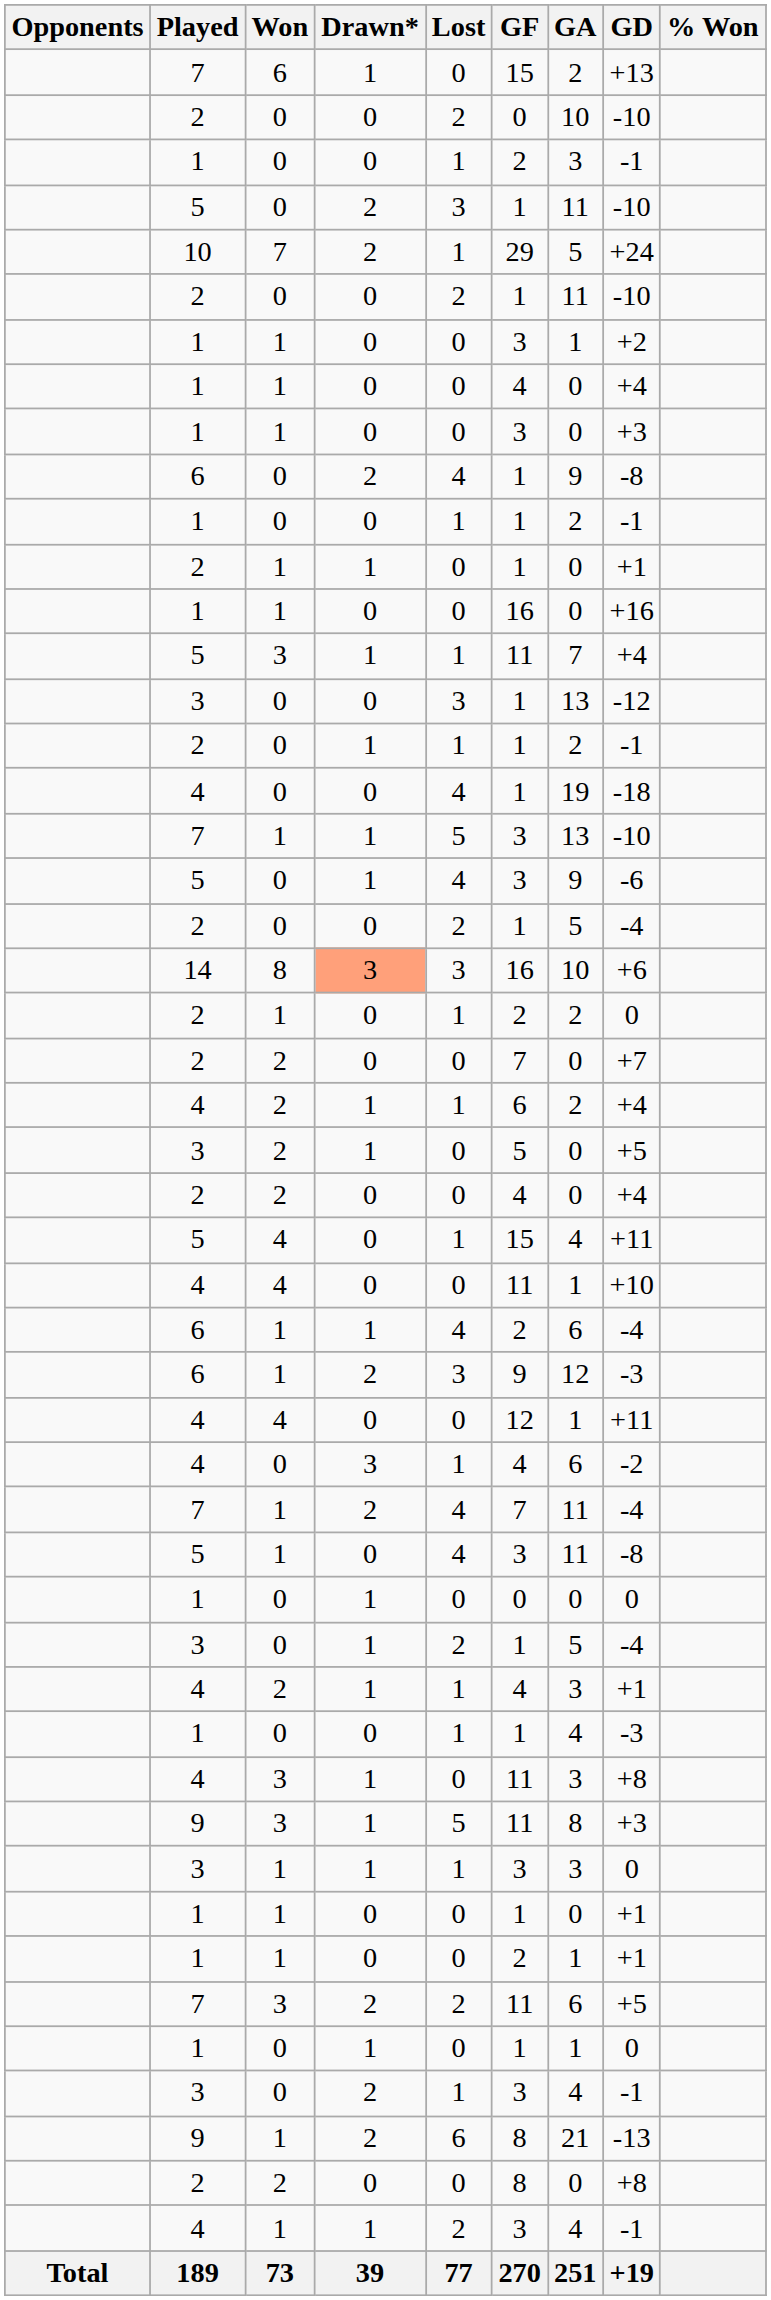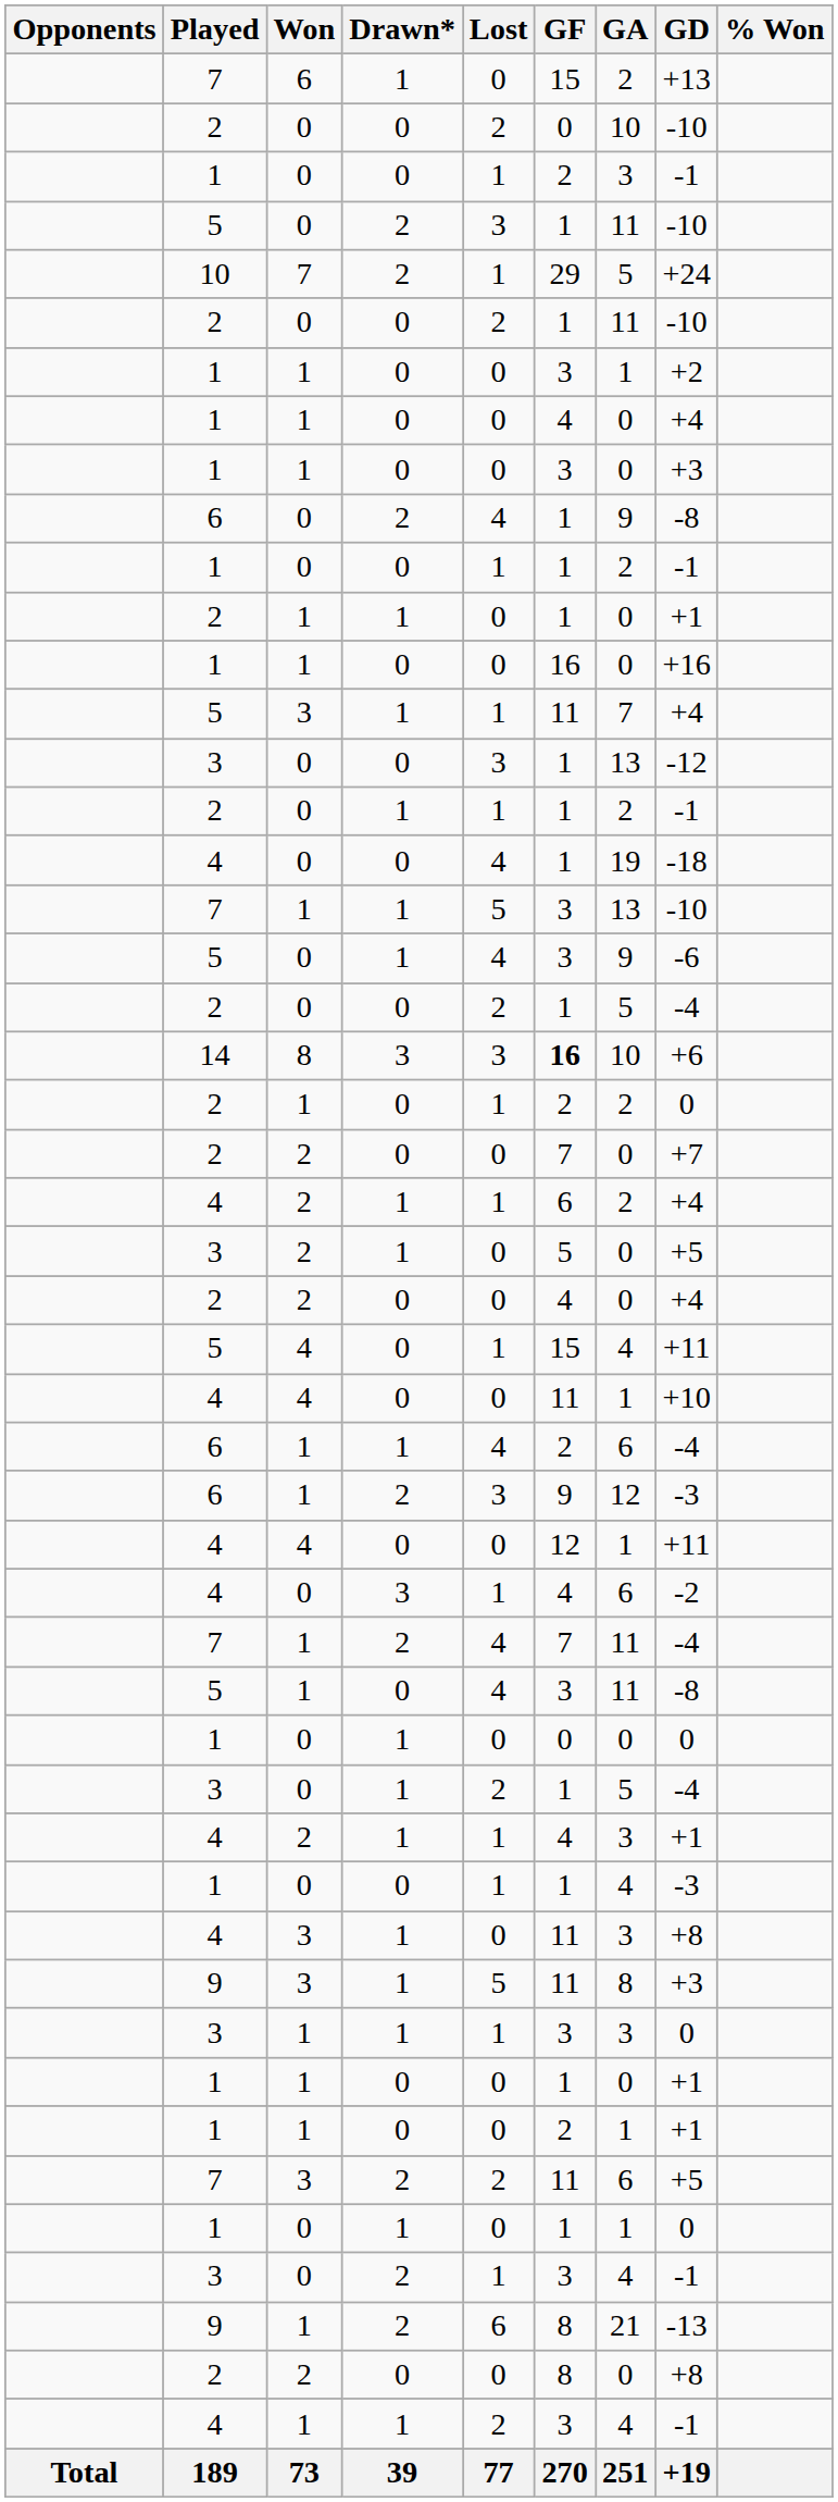 <table class="sortable wikitable" style="text-align:center">
 <tr>
 <th>Opponents</th>
 <th>Played</th>
 <th>Won</th>
 <th>Drawn*</th>
 <th>Lost</th>
 <th>GF</th>
 <th>GA</th>
 <th>GD</th>
 <th>% Won</th>
 </tr>
 <tr>
 <td style="text-align:left;"></td>
 <td>7</td>
 <td>6</td>
 <td>1</td>
 <td>0</td>
 <td>15</td>
 <td>2</td>
 <td>+13</td>
 <td></td>
 </tr>
 <tr>
 <td style="text-align:left;"></td>
 <td>2</td>
 <td>0</td>
 <td>0</td>
 <td>2</td>
 <td>0</td>
 <td>10</td>
 <td>-10</td>
 <td></td>
 </tr>
 <tr>
 <td style="text-align:left;"></td>
 <td>1</td>
 <td>0</td>
 <td>0</td>
 <td>1</td>
 <td>2</td>
 <td>3</td>
 <td>-1</td>
 <td></td>
 </tr>
 <tr>
 <td style="text-align:left;"></td>
 <td>5</td>
 <td>0</td>
 <td>2</td>
 <td>3</td>
 <td>1</td>
 <td>11</td>
 <td>-10</td>
 <td></td>
 </tr>
 <tr>
 <td style="text-align:left;"></td>
 <td>10</td>
 <td>7</td>
 <td>2</td>
 <td>1</td>
 <td>29</td>
 <td>5</td>
 <td>+24</td>
 <td></td>
 </tr>
 <tr>
 <td style="text-align:left;"></td>
 <td>2</td>
 <td>0</td>
 <td>0</td>
 <td>2</td>
 <td>1</td>
 <td>11</td>
 <td>-10</td>
 <td></td>
 </tr>
 <tr>
 <td style="text-align:left;"></td>
 <td>1</td>
 <td>1</td>
 <td>0</td>
 <td>0</td>
 <td>3</td>
 <td>1</td>
 <td>+2</td>
 <td></td>
 </tr>
 <tr>
 <td style="text-align:left;"></td>
 <td>1</td>
 <td>1</td>
 <td>0</td>
 <td>0</td>
 <td>4</td>
 <td>0</td>
 <td>+4</td>
 <td></td>
 </tr>
 <tr>
 <td style="text-align:left;"></td>
 <td>1</td>
 <td>1</td>
 <td>0</td>
 <td>0</td>
 <td>3</td>
 <td>0</td>
 <td>+3</td>
 <td></td>
 </tr>
 <tr>
 <td style="text-align:left;"></td>
 <td>6</td>
 <td>0</td>
 <td>2</td>
 <td>4</td>
 <td>1</td>
 <td>9</td>
 <td>-8</td>
 <td></td>
 </tr>
 <tr>
 <td style="text-align:left;"></td>
 <td>1</td>
 <td>0</td>
 <td>0</td>
 <td>1</td>
 <td>1</td>
 <td>2</td>
 <td>-1</td>
 <td></td>
 </tr>
 <tr>
 <td style="text-align:left;"></td>
 <td>2</td>
 <td>1</td>
 <td>1</td>
 <td>0</td>
 <td>1</td>
 <td>0</td>
 <td>+1</td>
 <td></td>
 </tr>
 <tr>
 <td style="text-align:left;"></td>
 <td>1</td>
 <td>1</td>
 <td>0</td>
 <td>0</td>
 <td>16</td>
 <td>0</td>
 <td>+16</td>
 <td></td>
 </tr>
 <tr>
 <td style="text-align:left;"></td>
 <td>5</td>
 <td>3</td>
 <td>1</td>
 <td>1</td>
 <td>11</td>
 <td>7</td>
 <td>+4</td>
 <td></td>
 </tr>
 <tr>
 <td style="text-align:left;"></td>
 <td>3</td>
 <td>0</td>
 <td>0</td>
 <td>3</td>
 <td>1</td>
 <td>13</td>
 <td>-12</td>
 <td></td>
 </tr>
 <tr>
 <td style="text-align:left;"></td>
 <td>2</td>
 <td>0</td>
 <td>1</td>
 <td>1</td>
 <td>1</td>
 <td>2</td>
 <td>-1</td>
 <td></td>
 </tr>
 <tr>
 <td style="text-align:left;"></td>
 <td>4</td>
 <td>0</td>
 <td>0</td>
 <td>4</td>
 <td>1</td>
 <td>19</td>
 <td>-18</td>
 <td></td>
 </tr>
 <tr>
 <td style="text-align:left;"></td>
 <td>7</td>
 <td>1</td>
 <td>1</td>
 <td>5</td>
 <td>3</td>
 <td>13</td>
 <td>-10</td>
 <td></td>
 </tr>
 <tr>
 <td style="text-align:left;"></td>
 <td>5</td>
 <td>0</td>
 <td>1</td>
 <td>4</td>
 <td>3</td>
 <td>9</td>
 <td>-6</td>
 <td></td>
 </tr>
 <tr>
 <td style="text-align:left;"></td>
 <td>2</td>
 <td>0</td>
 <td>0</td>
 <td>2</td>
 <td>1</td>
 <td>5</td>
 <td>-4</td>
 <td></td>
 </tr>
 <tr>
 <td style="text-align:left;"></td>
 <td>14</td>
 <td>8</td>
-<td style="background: lightsalmon;">3</td>
 <td>3</td>
-<td>16</td>
+<td>3</td>
+<td><strong>16</strong></td>
 <td>10</td>
 <td>+6</td>
 <td></td>
 </tr>
 <tr>
 <td style="text-align:left;"></td>
 <td>2</td>
 <td>1</td>
 <td>0</td>
 <td>1</td>
 <td>2</td>
 <td>2</td>
 <td>0</td>
 <td></td>
 </tr>
 <tr>
 <td style="text-align:left;"></td>
 <td>2</td>
 <td>2</td>
 <td>0</td>
 <td>0</td>
 <td>7</td>
 <td>0</td>
 <td>+7</td>
 <td></td>
 </tr>
 <tr>
 <td style="text-align:left;"></td>
 <td>4</td>
 <td>2</td>
 <td>1</td>
 <td>1</td>
 <td>6</td>
 <td>2</td>
 <td>+4</td>
 <td></td>
 </tr>
 <tr>
 <td style="text-align:left;"></td>
 <td>3</td>
 <td>2</td>
 <td>1</td>
 <td>0</td>
 <td>5</td>
 <td>0</td>
 <td>+5</td>
 <td></td>
 </tr>
 <tr>
 <td style="text-align:left;"></td>
 <td>2</td>
 <td>2</td>
 <td>0</td>
 <td>0</td>
 <td>4</td>
 <td>0</td>
 <td>+4</td>
 <td></td>
 </tr>
 <tr>
 <td style="text-align:left;"></td>
 <td>5</td>
 <td>4</td>
 <td>0</td>
 <td>1</td>
 <td>15</td>
 <td>4</td>
 <td>+11</td>
 <td></td>
 </tr>
 <tr>
 <td style="text-align:left;"></td>
 <td>4</td>
 <td>4</td>
 <td>0</td>
 <td>0</td>
 <td>11</td>
 <td>1</td>
 <td>+10</td>
 <td></td>
 </tr>
 <tr>
 <td style="text-align:left;"></td>
 <td>6</td>
 <td>1</td>
 <td>1</td>
 <td>4</td>
 <td>2</td>
 <td>6</td>
 <td>-4</td>
 <td></td>
 </tr>
 <tr>
 <td style="text-align:left;"></td>
 <td>6</td>
 <td>1</td>
 <td>2</td>
 <td>3</td>
 <td>9</td>
 <td>12</td>
 <td>-3</td>
 <td></td>
 </tr>
 <tr>
 <td style="text-align:left;"></td>
 <td>4</td>
 <td>4</td>
 <td>0</td>
 <td>0</td>
 <td>12</td>
 <td>1</td>
 <td>+11</td>
 <td></td>
 </tr>
 <tr>
 <td style="text-align:left;"></td>
 <td>4</td>
 <td>0</td>
 <td>3</td>
 <td>1</td>
 <td>4</td>
 <td>6</td>
 <td>-2</td>
 <td></td>
 </tr>
 <tr>
 <td style="text-align:left;"></td>
 <td>7</td>
 <td>1</td>
 <td>2</td>
 <td>4</td>
 <td>7</td>
 <td>11</td>
 <td>-4</td>
 <td></td>
 </tr>
 <tr>
 <td style="text-align:left;"></td>
 <td>5</td>
 <td>1</td>
 <td>0</td>
 <td>4</td>
 <td>3</td>
 <td>11</td>
 <td>-8</td>
 <td></td>
 </tr>
 <tr>
 <td style="text-align:left;"></td>
 <td>1</td>
 <td>0</td>
 <td>1</td>
 <td>0</td>
 <td>0</td>
 <td>0</td>
 <td>0</td>
 <td></td>
 </tr>
 <tr>
 <td style="text-align:left;"></td>
 <td>3</td>
 <td>0</td>
 <td>1</td>
 <td>2</td>
 <td>1</td>
 <td>5</td>
 <td>-4</td>
 <td></td>
 </tr>
 <tr>
 <td style="text-align:left;"></td>
 <td>4</td>
 <td>2</td>
 <td>1</td>
 <td>1</td>
 <td>4</td>
 <td>3</td>
 <td>+1</td>
 <td></td>
 </tr>
 <tr>
 <td style="text-align:left;"></td>
 <td>1</td>
 <td>0</td>
 <td>0</td>
 <td>1</td>
 <td>1</td>
 <td>4</td>
 <td>-3</td>
 <td></td>
 </tr>
 <tr>
 <td style="text-align:left;"></td>
 <td>4</td>
 <td>3</td>
 <td>1</td>
 <td>0</td>
 <td>11</td>
 <td>3</td>
 <td>+8</td>
 <td></td>
 </tr>
 <tr>
 <td style="text-align:left;"></td>
 <td>9</td>
 <td>3</td>
 <td>1</td>
 <td>5</td>
 <td>11</td>
 <td>8</td>
 <td>+3</td>
 <td></td>
 </tr>
 <tr>
 <td style="text-align:left;"></td>
 <td>3</td>
 <td>1</td>
 <td>1</td>
 <td>1</td>
 <td>3</td>
 <td>3</td>
 <td>0</td>
 <td></td>
 </tr>
 <tr>
 <td style="text-align:left;"></td>
 <td>1</td>
 <td>1</td>
 <td>0</td>
 <td>0</td>
 <td>1</td>
 <td>0</td>
 <td>+1</td>
 <td></td>
 </tr>
 <tr>
 <td style="text-align:left;"></td>
 <td>1</td>
 <td>1</td>
 <td>0</td>
 <td>0</td>
 <td>2</td>
 <td>1</td>
 <td>+1</td>
 <td></td>
 </tr>
 <tr>
 <td style="text-align:left;"></td>
 <td>7</td>
 <td>3</td>
 <td>2</td>
 <td>2</td>
 <td>11</td>
 <td>6</td>
 <td>+5</td>
 <td></td>
 </tr>
 <tr>
 <td style="text-align:left;"></td>
 <td>1</td>
 <td>0</td>
 <td>1</td>
 <td>0</td>
 <td>1</td>
 <td>1</td>
 <td>0</td>
 <td></td>
 </tr>
 <tr>
 <td style="text-align:left;"></td>
 <td>3</td>
 <td>0</td>
 <td>2</td>
 <td>1</td>
 <td>3</td>
 <td>4</td>
 <td>-1</td>
 <td></td>
 </tr>
 <tr>
 <td style="text-align:left;"></td>
 <td>9</td>
 <td>1</td>
 <td>2</td>
 <td>6</td>
 <td>8</td>
 <td>21</td>
 <td>-13</td>
 <td></td>
 </tr>
 <tr>
 <td style="text-align:left;"></td>
 <td>2</td>
 <td>2</td>
 <td>0</td>
 <td>0</td>
 <td>8</td>
 <td>0</td>
 <td>+8</td>
 <td></td>
 </tr>
 <tr>
 <td style="text-align:left;"></td>
 <td>4</td>
 <td>1</td>
 <td>1</td>
 <td>2</td>
 <td>3</td>
 <td>4</td>
 <td>-1</td>
 <td></td>
 </tr>
 <tr class="sortbottom">
 <th>Total</th>
 <th>189</th>
 <th>73</th>
 <th>39</th>
 <th>77</th>
 <th>270</th>
 <th>251</th>
 <th>+19</th>
 <th></th>
 </tr>
 </table>
